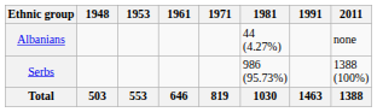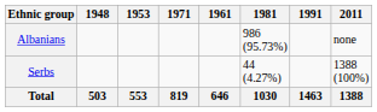 <table class="wikitable" border="1">
 <tr>
 <th>Ethnic group</th>
 <th style=width:3em>1948</th>
 <th style=width:3em>1953</th>
+<th style=width:3em>1971</th>
 <th style=width:3em>1961</th>
-<th style=width:3em>1971</th>
 <th style=width:3em>1981</th>
 <th style=width:3em>1991</th>
 <th style=width:3em>2011 </th>
 </tr>
 <tr>
 <th style=font-weight:300><a href='#'>Albanians</a></th>
 <td></td>
 <td></td>
 <td></td>
 <td></td>
-<td>44 (4.27%)</td>
+<td>986 (95.73%)</td>
 <td></td>
 <td>none</td>
 </tr>
 <tr>
 <th style=font-weight:300><a href='#'>Serbs</a></th>
 <td></td>
 <td></td>
 <td></td>
 <td></td>
-<td>986 (95.73%)</td>
+<td>44 (4.27%)</td>
 <td></td>
 <td>1388 (100%)</td>
 </tr>
 <tr>
 <th>Total</th>
 <th>503</th>
 <th>553</th>
+<th>819</th>
 <th>646</th>
-<th>819</th>
 <th>1030 </th>
 <th>1463</th>
 <th>1388</th>
 </tr>
 </table>
